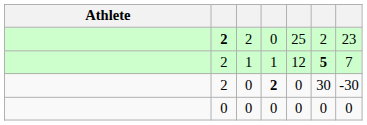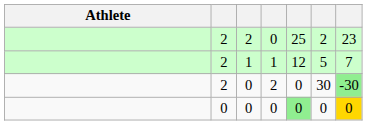 <table class="wikitable" style="text-align:center;">
 <tr>
 <th width=220>Athlete</th>
 <th width=20></th>
 <th width=20></th>
 <th width=20></th>
 <th width=20></th>
 <th width=20></th>
 <th width=20></th>
 </tr>
 <tr bgcolor=ccffcc>
 <td align="left"></td>
-<td><strong>2</strong></td>
+<td>2</td>
 <td>2</td>
 <td>0</td>
 <td>25</td>
 <td>2</td>
 <td>23</td>
 </tr>
 <tr bgcolor=ccffcc>
 <td align="left"></td>
 <td>2</td>
 <td>1</td>
 <td>1</td>
 <td>12</td>
-<td><strong>5</strong></td>
+<td>5</td>
 <td>7</td>
 </tr>
 <tr>
 <td align="left"></td>
 <td>2</td>
 <td>0</td>
-<td><strong>2</strong></td>
+<td>2</td>
 <td>0</td>
 <td>30</td>
-<td>-30</td>
+<td style="background: lightgreen;">-30</td>
 </tr>
 <tr>
 <td align="left"></td>
 <td>0</td>
 <td>0</td>
 <td>0</td>
+<td style="background: lightgreen;">0</td>
 <td>0</td>
-<td>0</td>
-<td>0</td>
+<td style="background: gold;">0</td>
 </tr>
 </table>
